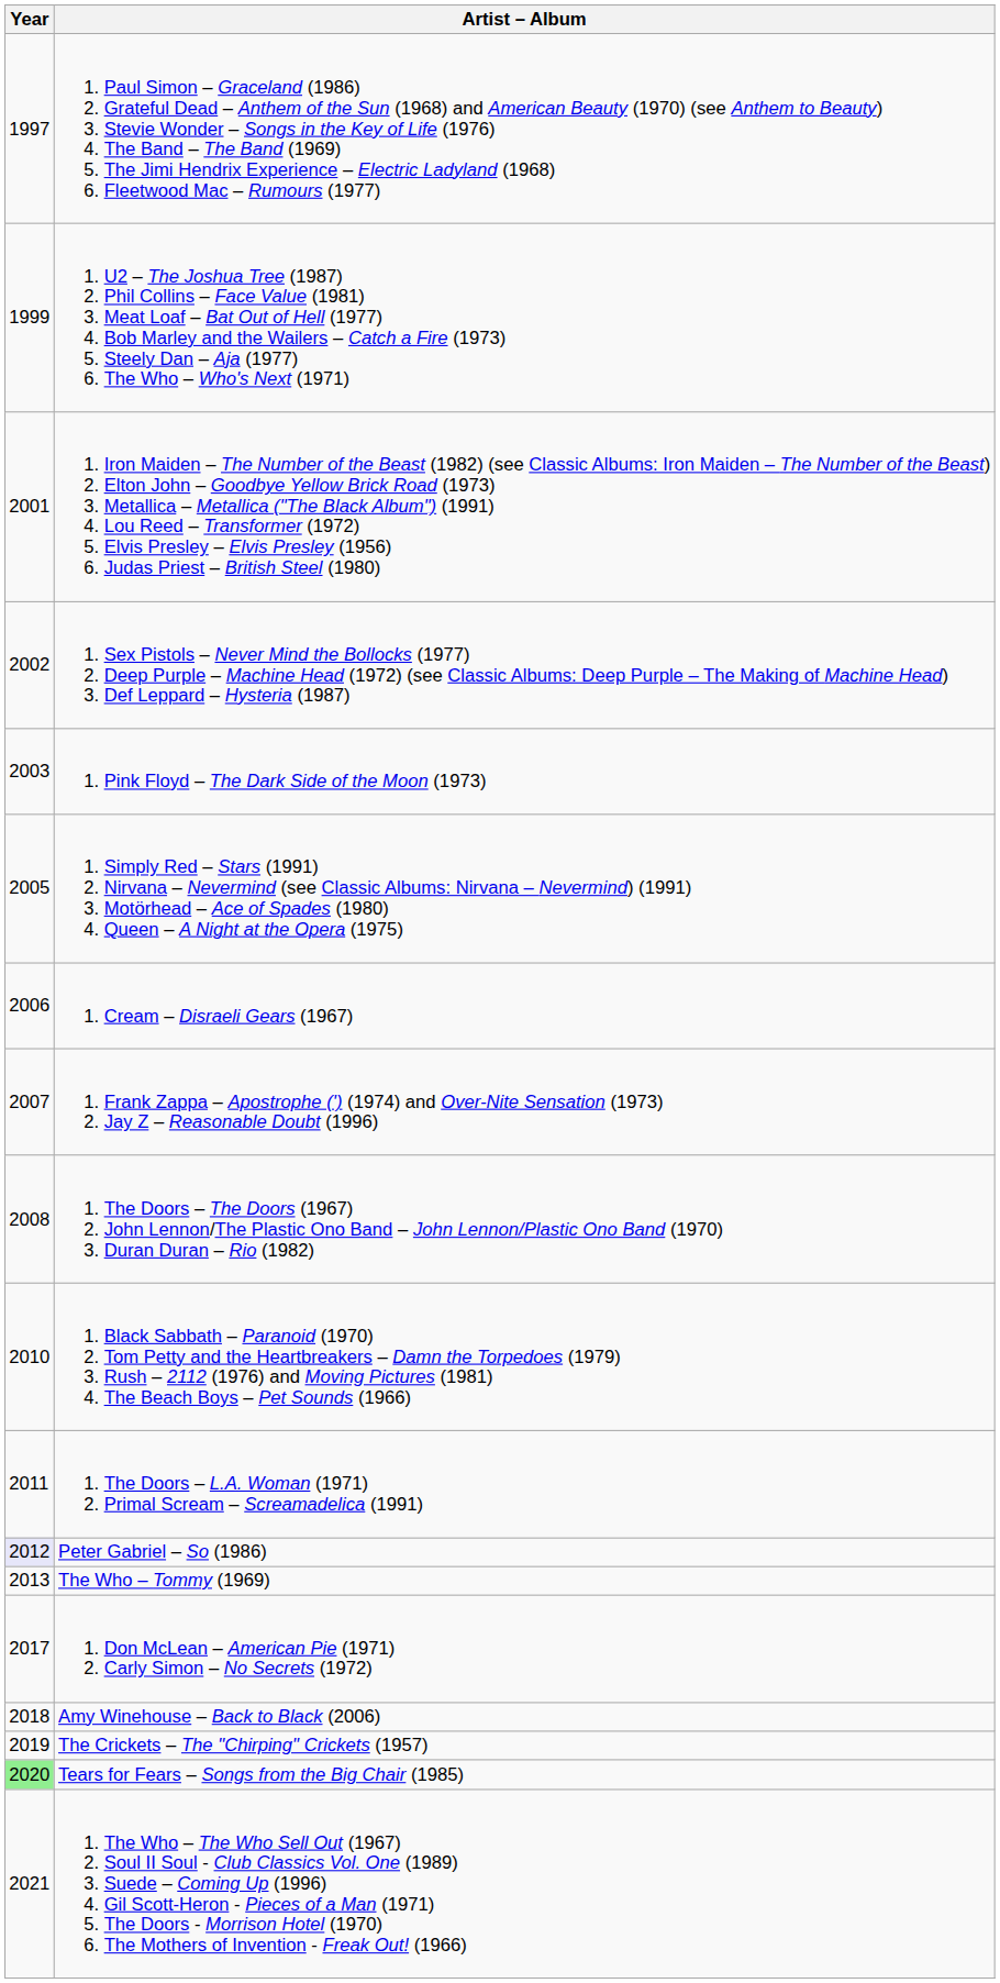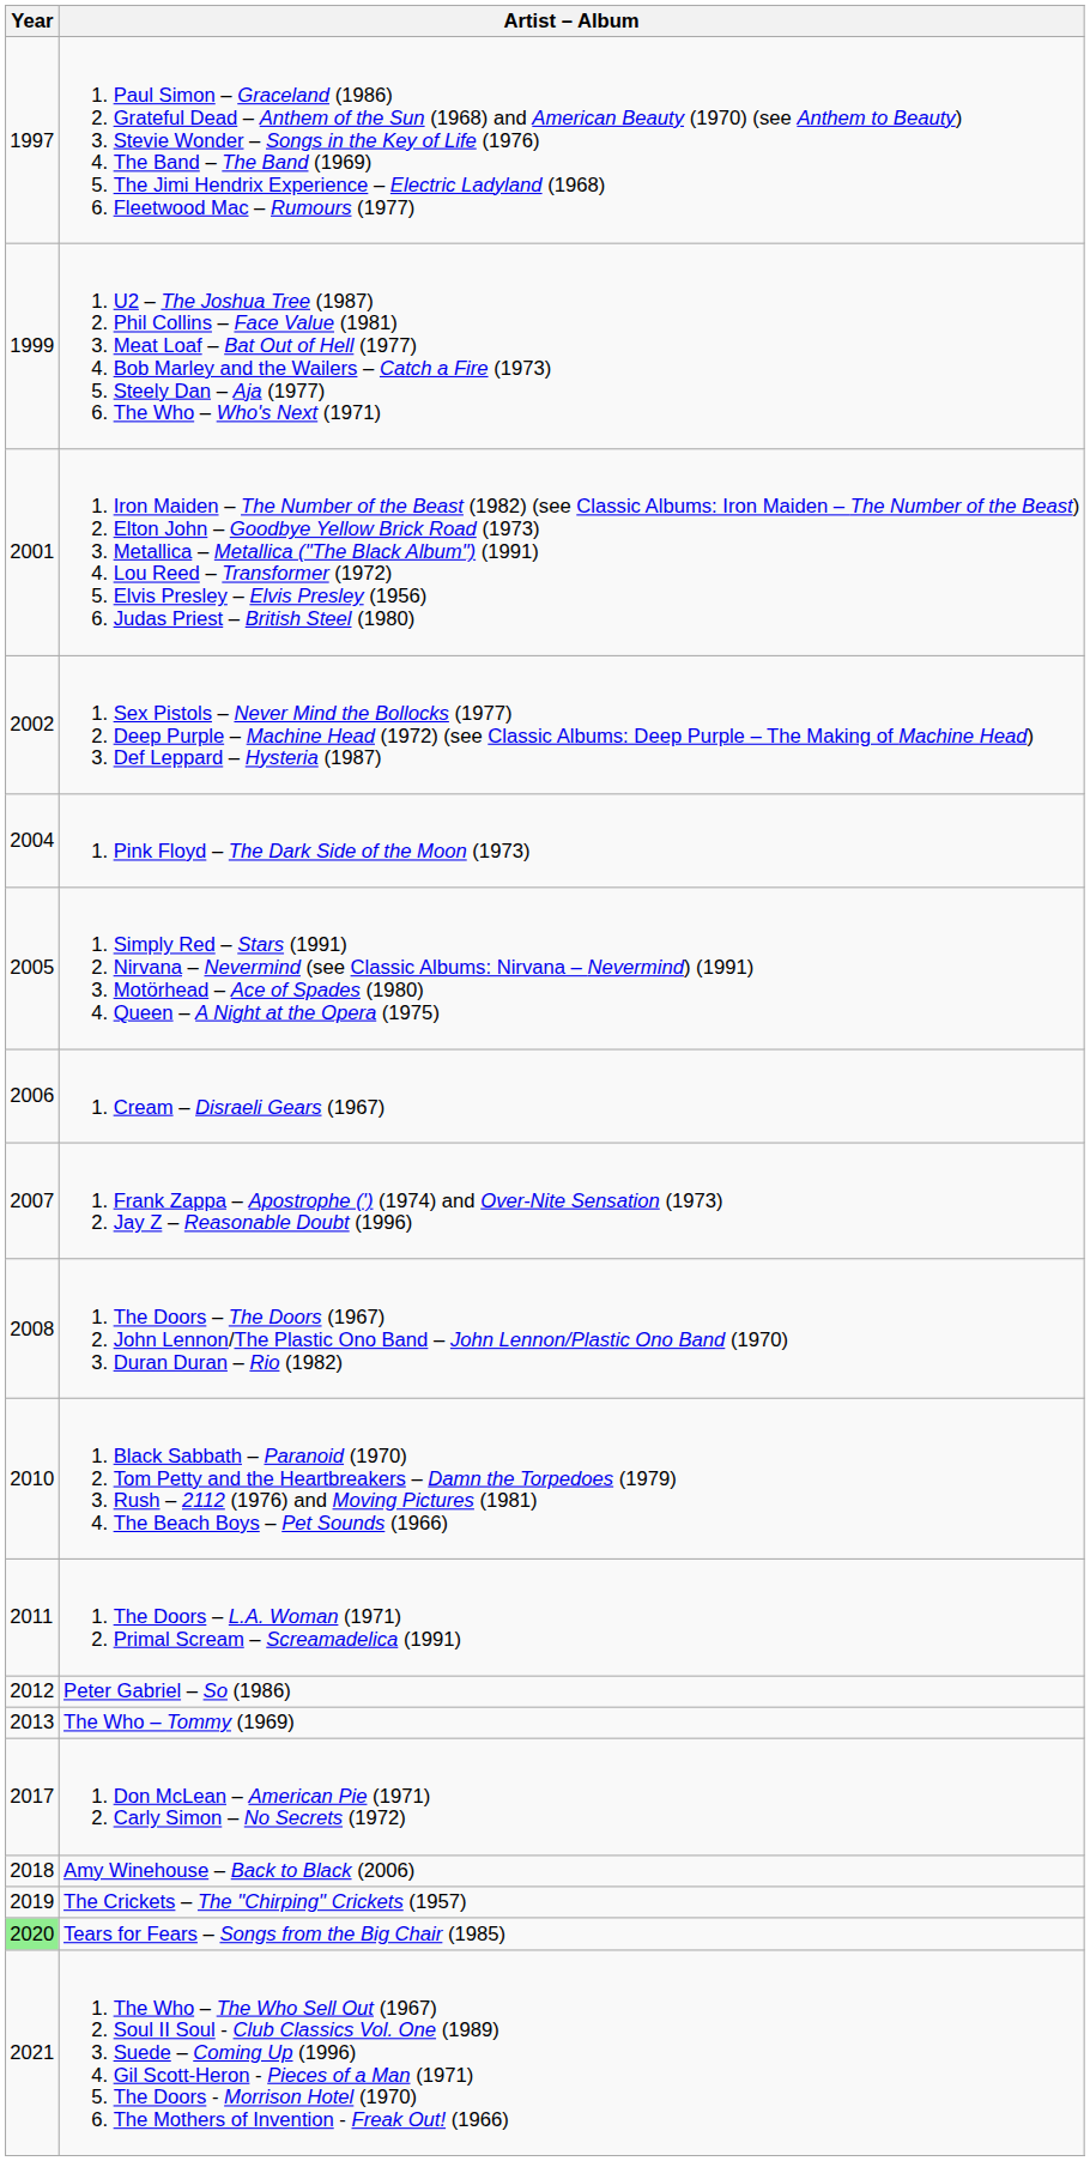 <table class="wikitable">
 <tr>
 <th>Year</th>
 <th>Artist – Album</th>
 </tr>
 <tr>
 <td>1997</td>
 <td><br><ol><li><a href='#'>Paul Simon</a> – <em><a href='#'>Graceland</a></em> (1986)</li><li><a href='#'>Grateful Dead</a> – <em><a href='#'>Anthem of the Sun</a></em> (1968) and <em><a href='#'>American Beauty</a></em> (1970) (see <em><a href='#'>Anthem to Beauty</a></em>)</li><li><a href='#'>Stevie Wonder</a> – <em><a href='#'>Songs in the Key of Life</a></em> (1976)</li><li><a href='#'>The Band</a> – <em><a href='#'>The Band</a></em> (1969)</li><li><a href='#'>The Jimi Hendrix Experience</a> – <em><a href='#'>Electric Ladyland</a></em> (1968)</li><li><a href='#'>Fleetwood Mac</a> – <em><a href='#'>Rumours</a></em> (1977)</li></ol></td>
 </tr>
 <tr>
 <td>1999</td>
 <td><br><ol><li><a href='#'>U2</a> – <em><a href='#'>The Joshua Tree</a></em> (1987)</li><li><a href='#'>Phil Collins</a> – <em><a href='#'>Face Value</a></em> (1981)</li><li><a href='#'>Meat Loaf</a> – <em><a href='#'>Bat Out of Hell</a></em> (1977)</li><li><a href='#'>Bob Marley and the Wailers</a> – <em><a href='#'>Catch a Fire</a></em> (1973)</li><li><a href='#'>Steely Dan</a> – <em><a href='#'>Aja</a></em> (1977)</li><li><a href='#'>The Who</a>  – <em><a href='#'>Who's Next</a></em> (1971)</li></ol></td>
 </tr>
 <tr>
 <td>2001</td>
 <td><br><ol><li><a href='#'>Iron Maiden</a> – <em><a href='#'>The Number of the Beast</a></em> (1982) (see <a href='#'>Classic Albums: Iron Maiden – <em>The Number of the Beast</em></a>)</li><li><a href='#'>Elton John</a> – <em><a href='#'>Goodbye Yellow Brick Road</a></em> (1973)</li><li><a href='#'>Metallica</a> – <em><a href='#'>Metallica ("The Black Album")</a></em> (1991)</li><li><a href='#'>Lou Reed</a> – <em><a href='#'>Transformer</a></em> (1972)</li><li><a href='#'>Elvis Presley</a> – <em><a href='#'>Elvis Presley</a></em> (1956)</li><li><a href='#'>Judas Priest</a> – <em><a href='#'>British Steel</a></em> (1980)</li></ol></td>
 </tr>
 <tr>
 <td>2002</td>
 <td><br><ol><li><a href='#'>Sex Pistols</a> – <em><a href='#'>Never Mind the Bollocks</a></em> (1977)</li><li><a href='#'>Deep Purple</a> – <em><a href='#'>Machine Head</a></em> (1972) (see <a href='#'>Classic Albums: Deep Purple – The Making of <em>Machine Head</em></a>)</li><li><a href='#'>Def Leppard</a> – <em><a href='#'>Hysteria</a></em> (1987)</li></ol></td>
 </tr>
 <tr>
-<td>2003</td>
+<td>2004</td>
 <td><br><ol><li><a href='#'>Pink Floyd</a> – <em><a href='#'>The Dark Side of the Moon</a></em> (1973)</li></ol></td>
 </tr>
 <tr>
 <td>2005</td>
 <td><br><ol><li><a href='#'>Simply Red</a> – <em><a href='#'>Stars</a></em> (1991)</li><li><a href='#'>Nirvana</a> – <em><a href='#'>Nevermind</a></em> (see <a href='#'>Classic Albums: Nirvana – <em>Nevermind</em></a>) (1991)</li><li><a href='#'>Motörhead</a> – <em><a href='#'>Ace of Spades</a></em> (1980)</li><li><a href='#'>Queen</a> – <em><a href='#'>A Night at the Opera</a></em> (1975)</li></ol></td>
 </tr>
 <tr>
 <td>2006</td>
 <td><br><ol><li><a href='#'>Cream</a> – <em><a href='#'>Disraeli Gears</a></em> (1967)</li></ol></td>
 </tr>
 <tr>
 <td>2007</td>
 <td><br><ol><li><a href='#'>Frank Zappa</a> – <em><a href='#'>Apostrophe (')</a></em> (1974) and <em><a href='#'>Over-Nite Sensation</a></em> (1973)</li><li><a href='#'>Jay Z</a> – <em><a href='#'>Reasonable Doubt</a></em> (1996)</li></ol></td>
 </tr>
 <tr>
 <td>2008</td>
 <td><br><ol><li><a href='#'>The Doors</a> – <em><a href='#'>The Doors</a></em> (1967)</li><li><a href='#'>John Lennon</a>/<a href='#'>The Plastic Ono Band</a> – <em><a href='#'>John Lennon/Plastic Ono Band</a></em> (1970)</li><li><a href='#'>Duran Duran</a> – <em><a href='#'>Rio</a></em> (1982)</li></ol></td>
 </tr>
 <tr>
 <td>2010</td>
 <td><br><ol><li><a href='#'>Black Sabbath</a> – <em><a href='#'>Paranoid</a></em> (1970)</li><li><a href='#'>Tom Petty and the Heartbreakers</a> – <em><a href='#'>Damn the Torpedoes</a></em> (1979)</li><li><a href='#'>Rush</a> – <em><a href='#'>2112</a></em>  (1976) and <em><a href='#'>Moving Pictures</a></em> (1981)</li><li><a href='#'>The Beach Boys</a> – <em><a href='#'>Pet Sounds</a></em> (1966)</li></ol></td>
 </tr>
 <tr>
 <td>2011</td>
 <td><br><ol><li><a href='#'>The Doors</a> – <em><a href='#'>L.A. Woman</a></em> (1971)</li><li><a href='#'>Primal Scream</a> – <em><a href='#'>Screamadelica</a></em> (1991)</li></ol></td>
 </tr>
 <tr>
-<td style="background: lavender;">2012</td>
+<td>2012</td>
 <td><a href='#'>Peter Gabriel</a> – <em><a href='#'>So</a></em> (1986)</td>
 </tr>
 <tr>
 <td>2013</td>
 <td><a href='#'>The Who – <em>Tommy</em></a> (1969)</td>
 </tr>
 <tr>
 <td>2017</td>
 <td><br><ol><li><a href='#'>Don McLean</a> – <em><a href='#'>American Pie</a></em> (1971)</li><li><a href='#'>Carly Simon</a> – <em><a href='#'>No Secrets</a></em> (1972)</li></ol></td>
 </tr>
 <tr>
 <td>2018</td>
 <td><a href='#'>Amy Winehouse</a> – <em><a href='#'>Back to Black</a></em> (2006)</td>
 </tr>
 <tr>
 <td>2019</td>
 <td><a href='#'>The Crickets</a> – <em><a href='#'>The "Chirping" Crickets</a></em> (1957)</td>
 </tr>
 <tr>
 <td style="background: lightgreen;">2020</td>
 <td><a href='#'>Tears for Fears</a> – <em><a href='#'>Songs from the Big Chair</a></em> (1985)</td>
 </tr>
 <tr>
 <td>2021</td>
 <td><br><ol><li><a href='#'>The Who</a>  – <em><a href='#'>The Who Sell Out</a></em> (1967)</li><li><a href='#'>Soul II Soul</a> - <em><a href='#'>Club Classics Vol. One</a></em> (1989)</li><li><a href='#'>Suede</a> – <em><a href='#'>Coming Up</a></em> (1996)</li><li><a href='#'>Gil Scott-Heron</a> - <em><a href='#'>Pieces of a Man</a></em> (1971)</li><li><a href='#'>The Doors</a> - <em><a href='#'>Morrison Hotel</a></em> (1970)</li><li><a href='#'>The Mothers of Invention</a> - <em><a href='#'>Freak Out!</a></em> (1966)</li></ol></td>
 </tr>
 <tr>
 </tr>
 </table>
